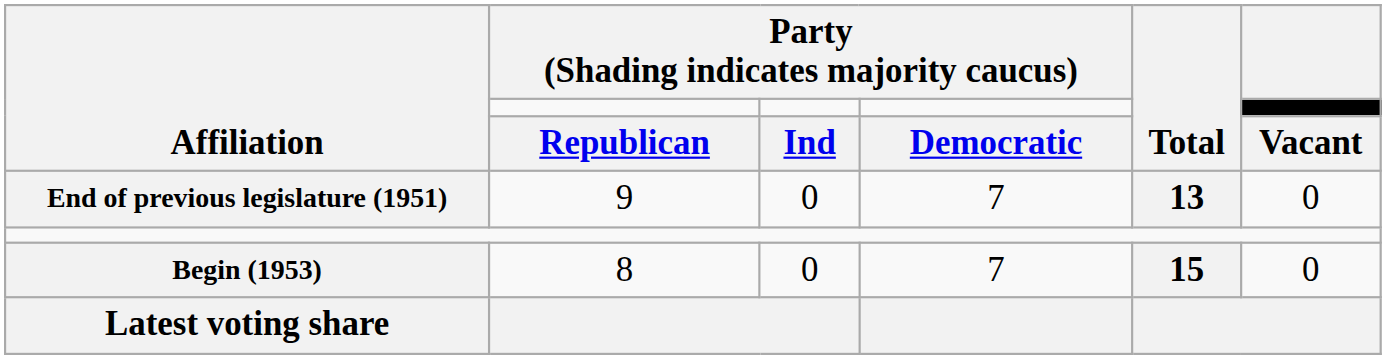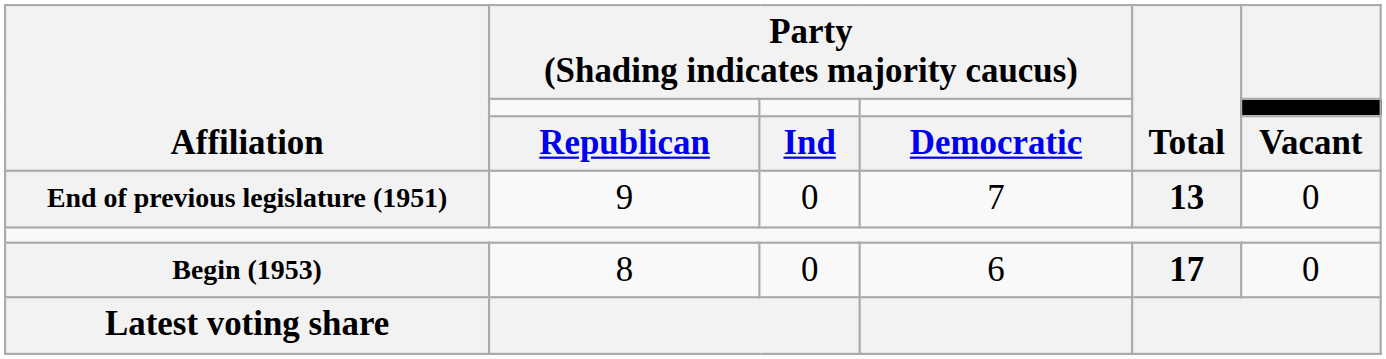 <table class=wikitable style="text-align:center; width:50%">
 <tr style="vertical-align:bottom;">
 <th rowspan=3>Affiliation</th>
 <th colspan=3>Party <div>(Shading indicates majority caucus)</div></th>
 <th rowspan=3>Total</th>
 <th></th>
 </tr>
 <tr style="height:5px">
 <td style="background-color:"></td>
 <td style="background-color:"></td>
 <td style="background-color:"></td>
 <td style="background-color:black"></td>
 </tr>
 <tr>
 <th><a href='#'>Republican</a></th>
 <th><a href='#'>Ind</a></th>
 <th><a href='#'>Democratic</a></th>
 <th>Vacant</th>
 </tr>
 <tr>
 <th nowrap style="font-size:80%">End of previous legislature (1951)</th>
 <td>9</td>
 <td>0</td>
 <td>7</td>
 <th>13</th>
 <td>0</td>
 </tr>
 <tr>
 <td colspan=6></td>
 </tr>
 <tr>
 <th nowrap style="font-size:80%">Begin (1953)</th>
 <td>8</td>
 <td>0</td>
-<td>7</td>
-<th>15</th>
+<td>6</td>
+<th>17</th>
 <td>0</td>
 </tr>
 <tr>
 <th>Latest voting share</th>
 <th colspan=2 ></th>
 <th></th>
 <th colspan=2></th>
 </tr>
 </table>
